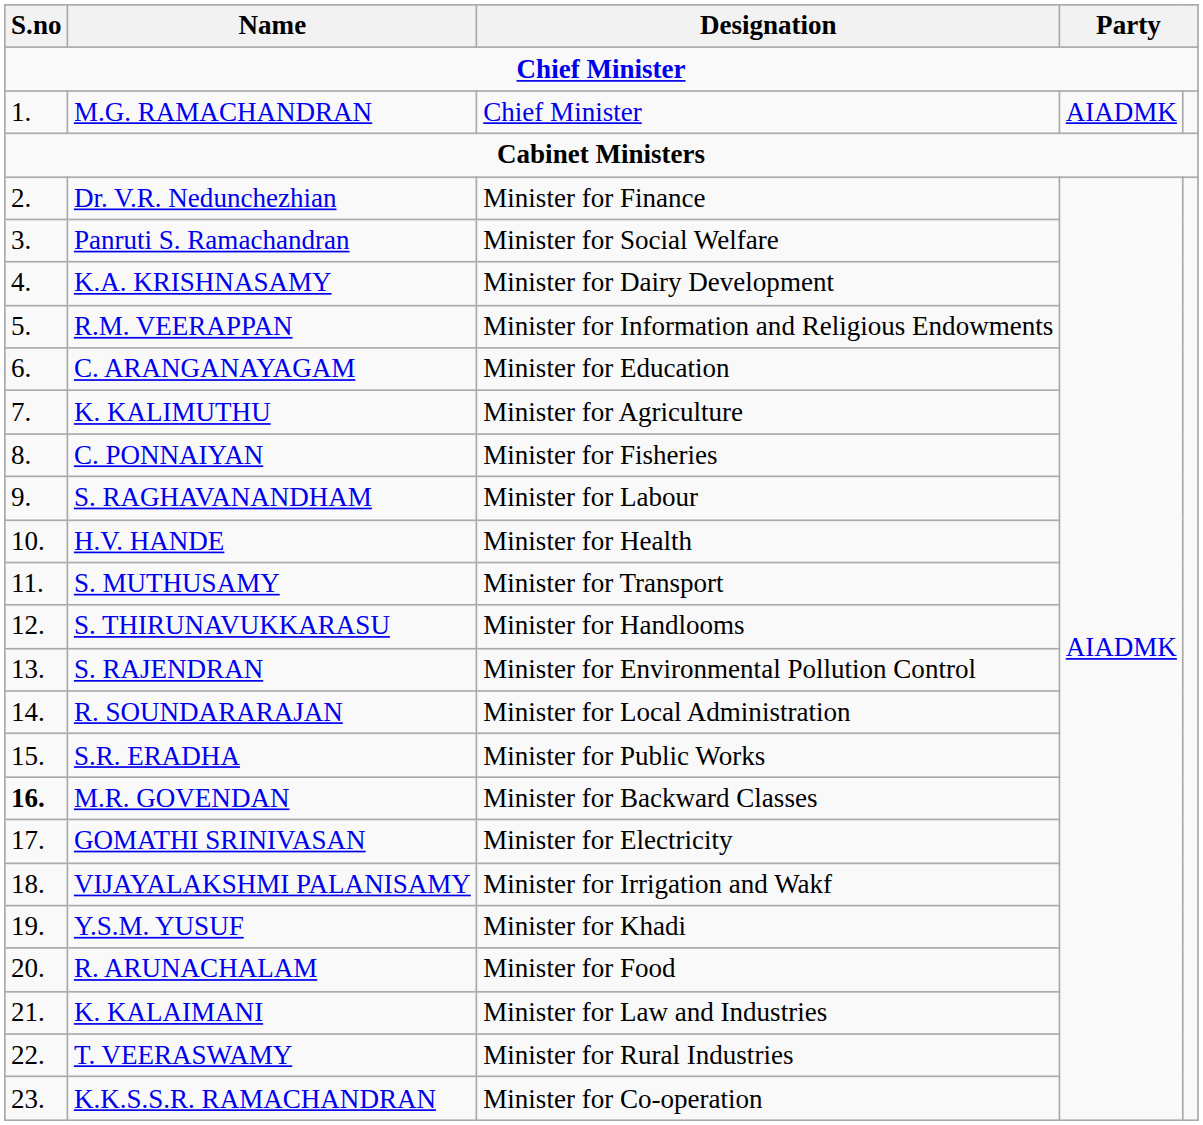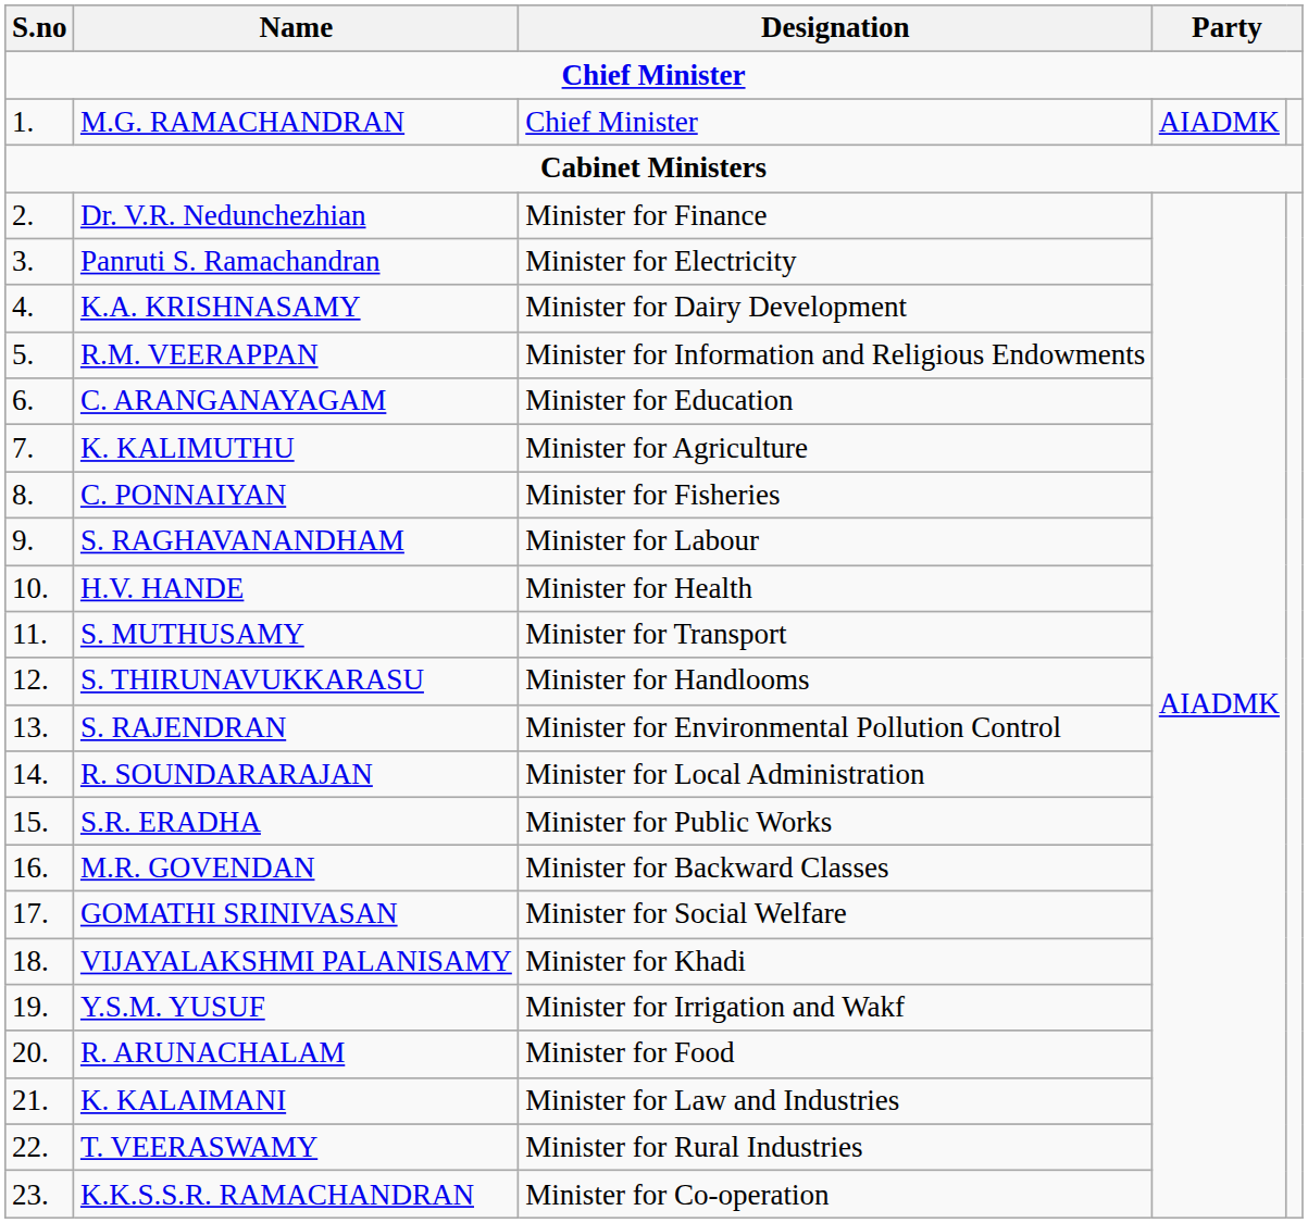 <table class="wikitable">
 <tr>
 <th>S.no</th>
 <th>Name</th>
 <th>Designation</th>
 <th colspan="2" scope="col">Party</th>
 </tr>
 <tr>
 <td colspan="5" style="text-align: center;"><strong><a href='#'>Chief Minister</a></strong></td>
 </tr>
 <tr>
 <td>1.</td>
 <td><a href='#'>M.G. RAMACHANDRAN</a></td>
 <td><a href='#'>Chief Minister</a></td>
 <td><a href='#'>AIADMK</a></td>
 <td width="1px" style="background-color: "></td>
 </tr>
 <tr>
 <td colspan="5" style="text-align: center;"><strong>Cabinet Ministers</strong></td>
 </tr>
 <tr>
 <td>2.</td>
 <td><a href='#'>Dr. V.R. Nedunchezhian</a></td>
 <td>Minister for Finance</td>
 <td rowspan="32"><a href='#'>AIADMK</a></td>
 <td rowspan="32" width="1px" style="background-color: "></td>
 </tr>
 <tr>
 <td>3.</td>
 <td><a href='#'>Panruti S. Ramachandran</a></td>
-<td>Minister for Social Welfare</td>
+<td>Minister for Electricity</td>
 </tr>
 <tr>
 <td>4.</td>
 <td><a href='#'>K.A. KRISHNASAMY</a></td>
 <td>Minister for Dairy Development</td>
 </tr>
 <tr>
 <td>5.</td>
 <td><a href='#'>R.M. VEERAPPAN</a></td>
 <td>Minister for Information and Religious Endowments</td>
 </tr>
 <tr>
 <td>6.</td>
 <td><a href='#'>C. ARANGANAYAGAM</a></td>
 <td>Minister for Education</td>
 </tr>
 <tr>
 <td>7.</td>
 <td><a href='#'>K. KALIMUTHU</a></td>
 <td>Minister for Agriculture</td>
 </tr>
 <tr>
 <td>8.</td>
 <td><a href='#'>C. PONNAIYAN</a></td>
 <td>Minister for Fisheries</td>
 </tr>
 <tr>
 <td>9.</td>
 <td><a href='#'>S. RAGHAVANANDHAM</a></td>
 <td>Minister for Labour</td>
 </tr>
 <tr>
 <td>10.</td>
 <td><a href='#'>H.V. HANDE</a></td>
 <td>Minister for Health</td>
 </tr>
 <tr>
 <td>11.</td>
 <td><a href='#'>S. MUTHUSAMY</a></td>
 <td>Minister for Transport</td>
 </tr>
 <tr>
 <td>12.</td>
 <td><a href='#'>S. THIRUNAVUKKARASU</a></td>
 <td>Minister for Handlooms</td>
 </tr>
 <tr>
 <td>13.</td>
 <td><a href='#'>S. RAJENDRAN</a></td>
 <td>Minister for Environmental Pollution Control</td>
 </tr>
 <tr>
 <td>14.</td>
 <td><a href='#'>R. SOUNDARARAJAN</a></td>
 <td>Minister for Local Administration</td>
 </tr>
 <tr>
 <td>15.</td>
 <td><a href='#'>S.R. ERADHA</a></td>
 <td>Minister for Public Works</td>
 </tr>
 <tr>
-<td><strong>16.</strong></td>
+<td>16.</td>
 <td><a href='#'>M.R. GOVENDAN</a></td>
 <td>Minister for Backward Classes</td>
 </tr>
 <tr>
 <td>17.</td>
 <td><a href='#'>GOMATHI SRINIVASAN</a></td>
-<td>Minister for Electricity</td>
+<td>Minister for Social Welfare</td>
 </tr>
 <tr>
 <td>18.</td>
 <td><a href='#'>VIJAYALAKSHMI PALANISAMY</a></td>
-<td>Minister for Irrigation and Wakf</td>
+<td>Minister for Khadi</td>
 </tr>
 <tr>
 <td>19.</td>
 <td><a href='#'>Y.S.M. YUSUF</a></td>
-<td>Minister for Khadi</td>
+<td>Minister for Irrigation and Wakf</td>
 </tr>
 <tr>
 <td>20.</td>
 <td><a href='#'>R. ARUNACHALAM</a></td>
 <td>Minister for Food</td>
 </tr>
 <tr>
 <td>21.</td>
 <td><a href='#'>K. KALAIMANI</a></td>
 <td>Minister for Law and Industries</td>
 </tr>
 <tr>
 <td>22.</td>
 <td><a href='#'>T. VEERASWAMY</a></td>
 <td>Minister for Rural Industries</td>
 </tr>
 <tr>
 <td>23.</td>
 <td><a href='#'>K.K.S.S.R. RAMACHANDRAN</a></td>
 <td>Minister for Co-operation</td>
 </tr>
 </table>
